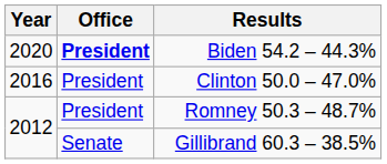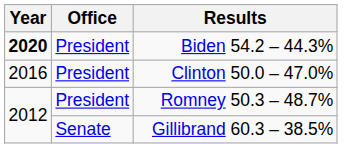 <table class=wikitable>
 <tr>
 <th width="30">Year</th>
 <th width="60">Office</th>
 <th width="180">Results</th>
 </tr>
 <tr>
-<td>2020</td>
-<td><strong><a href='#'>President</a></strong></td>
+<td><strong>2020</strong></td>
+<td><a href='#'>President</a></td>
 <td align="right" ><a href='#'>Biden</a> 54.2 – 44.3%</td>
 </tr>
 <tr>
 <td>2016</td>
 <td><a href='#'>President</a></td>
 <td align="right" ><a href='#'>Clinton</a> 50.0 – 47.0%</td>
 </tr>
 <tr>
 <td rowspan="2">2012</td>
 <td><a href='#'>President</a></td>
 <td align="right" ><a href='#'>Romney</a> 50.3 – 48.7%</td>
 </tr>
 <tr>
 <td><a href='#'>Senate</a></td>
 <td align="right" ><a href='#'>Gillibrand</a> 60.3 – 38.5%</td>
 </tr>
 </table>
